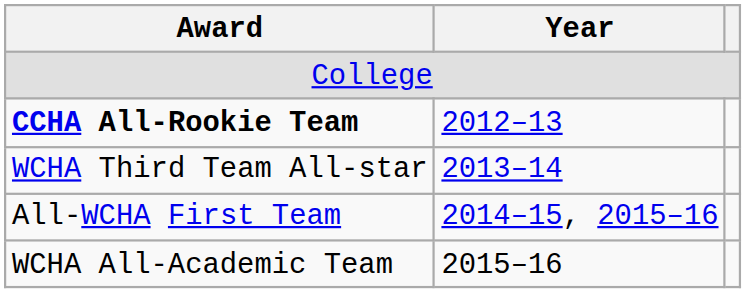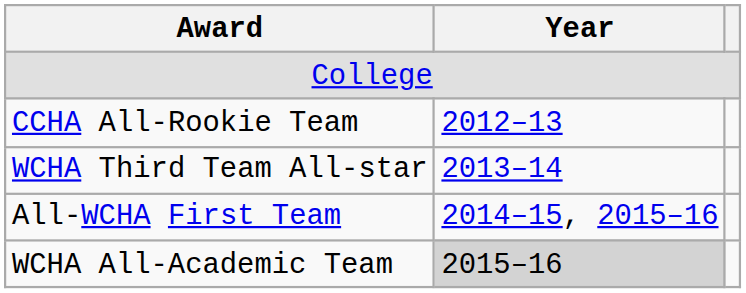 <table class="wikitable">
 <tr>
 <th>Award</th>
 <th>Year</th>
 <th></th>
 </tr>
 <tr ALIGN="center" bgcolor="#e0e0e0">
 <td colspan="3"><a href='#'>College</a></td>
 </tr>
 <tr>
-<td><strong><a href='#'>CCHA</a> All-Rookie Team</strong></td>
+<td><a href='#'>CCHA</a> All-Rookie Team</td>
 <td><a href='#'>2012–13</a></td>
 <td></td>
 </tr>
 <tr>
 <td><a href='#'>WCHA</a> Third Team All-star</td>
 <td><a href='#'>2013–14</a></td>
 <td></td>
 </tr>
 <tr>
 <td>All-<a href='#'>WCHA</a> <a href='#'>First Team</a></td>
 <td><a href='#'>2014–15</a>, <a href='#'>2015–16</a></td>
 <td></td>
 </tr>
 <tr>
 <td>WCHA All-Academic Team</td>
-<td>2015–16</td>
+<td style="background: lightgrey;">2015–16</td>
 <td></td>
 </tr>
 </table>
